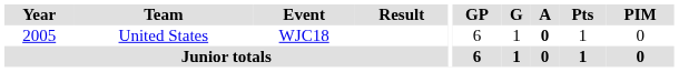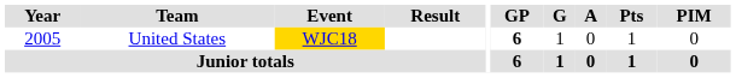 <table border="0" cellpadding="1" cellspacing="0" ID="Table3" style="text-align:center; width:40em">
 <tr ALIGN="center" bgcolor="#e0e0e0">
 <th>Year</th>
 <th>Team</th>
 <th>Event</th>
 <th>Result</th>
 <th rowspan="99" bgcolor="#ffffff"></th>
 <th>GP</th>
 <th>G</th>
 <th>A</th>
 <th>Pts</th>
 <th>PIM</th>
 </tr>
 <tr>
 <td><a href='#'>2005</a></td>
 <td><a href='#'>United States</a></td>
-<td><a href='#'>WJC18</a></td>
+<td style="background: gold;"><a href='#'>WJC18</a></td>
 <td></td>
-<td>6</td>
+<td><strong>6</strong></td>
 <td>1</td>
-<td><strong>0</strong></td>
+<td>0</td>
 <td>1</td>
 <td>0</td>
 </tr>
 <tr bgcolor="#e0e0e0">
 <th colspan="4">Junior totals</th>
 <th>6</th>
 <th>1</th>
 <th>0</th>
 <th>1</th>
 <th>0</th>
 </tr>
 </table>
